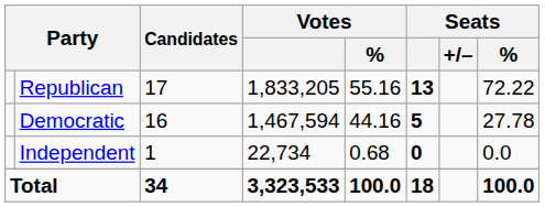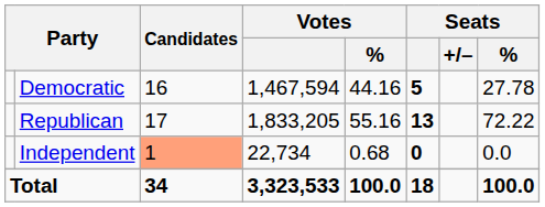 <table class="wikitable" style="font-size: 95%;">
 <tr>
 <th colspan="2" rowspan="2">Party</th>
 <th rowspan="2"><small>Candi</small><small>dates</small></th>
 <th colspan="2">Votes</th>
 <th colspan="3">Seats</th>
 </tr>
 <tr>
 <th></th>
 <th>%</th>
 <th></th>
 <th>+/–</th>
 <th>%</th>
 </tr>
 <tr>
 <td style="background:"></td>
+<td align="left"><a href='#'>Democratic</a></td>
+<td>16</td>
+<td>1,467,594</td>
+<td>44.16</td>
+<td><strong>5</strong></td>
+<td></td>
+<td>27.78</td>
+</tr>
+<tr>
+<td style="background:"></td>
 <td align="left"><a href='#'>Republican</a></td>
 <td>17</td>
 <td>1,833,205</td>
 <td>55.16</td>
 <td><strong>13</strong></td>
 <td></td>
 <td>72.22</td>
 </tr>
 <tr>
 <td style="background:"></td>
-<td align="left"><a href='#'>Democratic</a></td>
-<td>16</td>
-<td>1,467,594</td>
-<td>44.16</td>
-<td><strong>5</strong></td>
-<td></td>
-<td>27.78</td>
-</tr>
-<tr>
-<td style="background:"></td>
 <td align="left"><a href='#'>Independent</a></td>
-<td>1</td>
+<td style="background: lightsalmon;">1</td>
 <td>22,734</td>
 <td>0.68</td>
 <td><strong>0</strong></td>
 <td></td>
 <td>0.0</td>
 </tr>
 <tr>
 </tr>
 <tr style="font-weight:bold">
 <td colspan="2" align="left">Total</td>
 <td>34</td>
 <td>3,323,533</td>
 <td>100.0</td>
 <td>18</td>
 <td></td>
 <td>100.0</td>
 </tr>
 </table>
